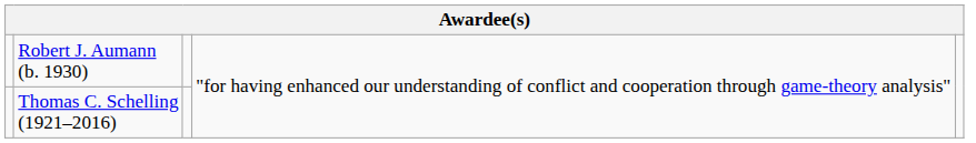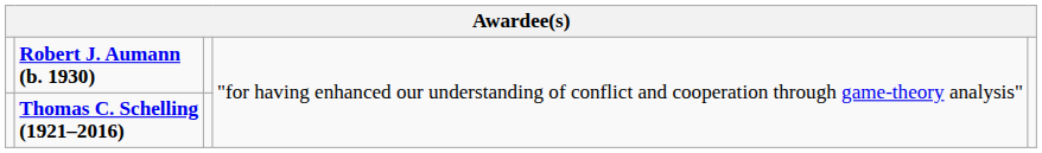 <table class="wikitable">
 <tr>
 <th colspan="5">Awardee(s)</th>
 </tr>
 <tr>
 <td></td>
-<td><a href='#'>Robert J. Aumann</a><br>(b. 1930)</td>
+<td><strong><a href='#'>Robert J. Aumann</a><br>(b. 1930)</strong></td>
 <td><br></td>
 <td rowspan="2">"for having enhanced our understanding of conflict and cooperation through <a href='#'>game-theory</a> analysis"</td>
 <td rowspan="2"></td>
 </tr>
 <tr>
 <td></td>
-<td><a href='#'>Thomas C. Schelling</a><br>(1921–2016)</td>
+<td><strong><a href='#'>Thomas C. Schelling</a><br>(1921–2016)</strong></td>
 <td></td>
 </tr>
 </table>
